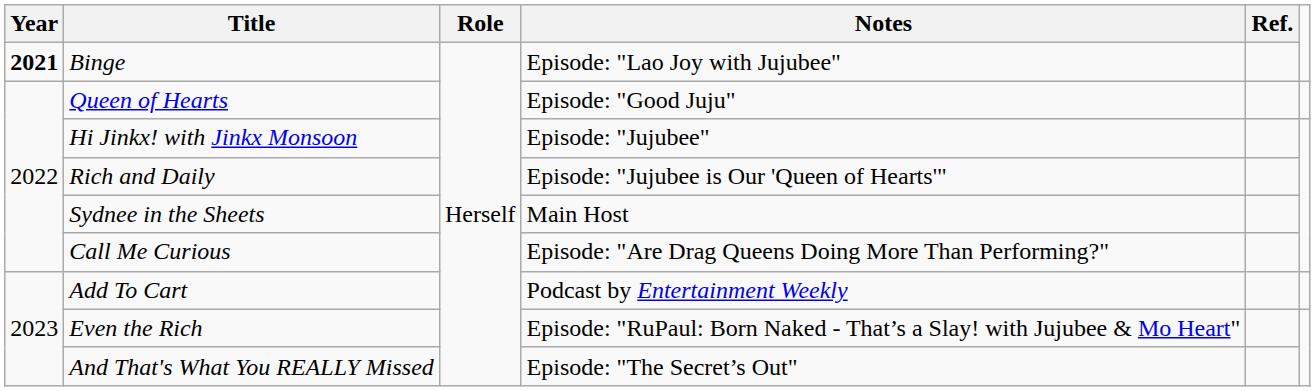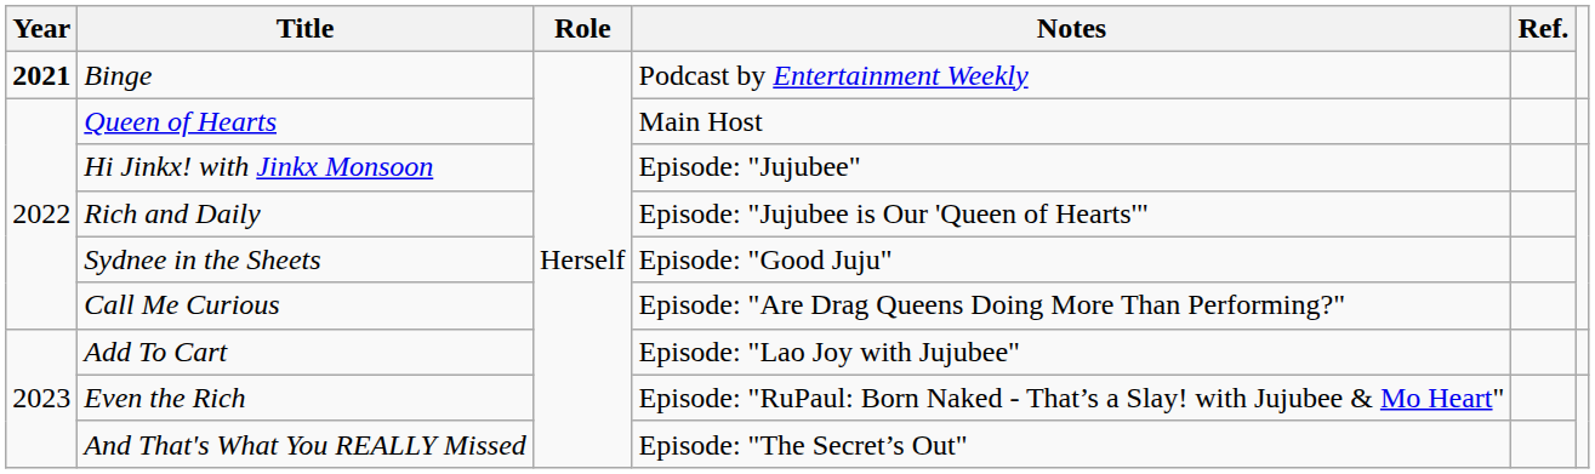 <table class="wikitable">
 <tr>
 <th>Year</th>
 <th>Title</th>
 <th>Role</th>
 <th>Notes</th>
 <th>Ref.</th>
 </tr>
 <tr>
 <td><strong>2021</strong></td>
 <td><em>Binge</em></td>
 <td rowspan="9">Herself</td>
-<td>Episode: "Lao Joy with Jujubee"</td>
+<td>Podcast by <em><a href='#'>Entertainment Weekly</a></em></td>
 <td style="text-align: center;"></td>
 </tr>
 <tr>
 <td rowspan="5">2022</td>
 <td><em><a href='#'>Queen of Hearts</a></em></td>
-<td>Episode: "Good Juju"</td>
+<td>Main Host</td>
 <td></td>
 <td></td>
 </tr>
 <tr>
 <td><em>Hi Jinkx! with <a href='#'>Jinkx Monsoon</a></em></td>
 <td>Episode: "Jujubee"</td>
 <td></td>
 </tr>
 <tr>
 <td><em>Rich and Daily</em></td>
 <td>Episode: "Jujubee is Our 'Queen of Hearts'"</td>
 <td></td>
 </tr>
 <tr>
 <td><em>Sydnee in the Sheets</em></td>
-<td>Main Host</td>
+<td>Episode: "Good Juju"</td>
 <td></td>
 </tr>
 <tr>
 <td><em>Call Me Curious</em></td>
 <td>Episode: "Are Drag Queens Doing More Than Performing?"</td>
 <td></td>
 </tr>
 <tr>
 <td rowspan="3">2023</td>
 <td><em>Add To Cart</em><br></td>
-<td>Podcast by <em><a href='#'>Entertainment Weekly</a></em></td>
+<td>Episode: "Lao Joy with Jujubee"</td>
 <td></td>
 <td></td>
 </tr>
 <tr>
 <td><em>Even the Rich</em></td>
 <td>Episode: "RuPaul: Born Naked - That’s a Slay! with Jujubee & <a href='#'>Mo Heart</a>"</td>
 <td></td>
 </tr>
 <tr>
 <td><em>And That's What You REALLY Missed</em></td>
 <td>Episode: "The Secret’s Out"</td>
 <td></td>
 </tr>
 </table>
